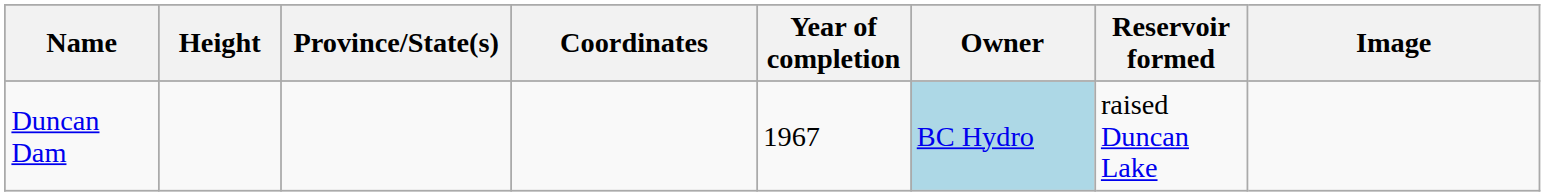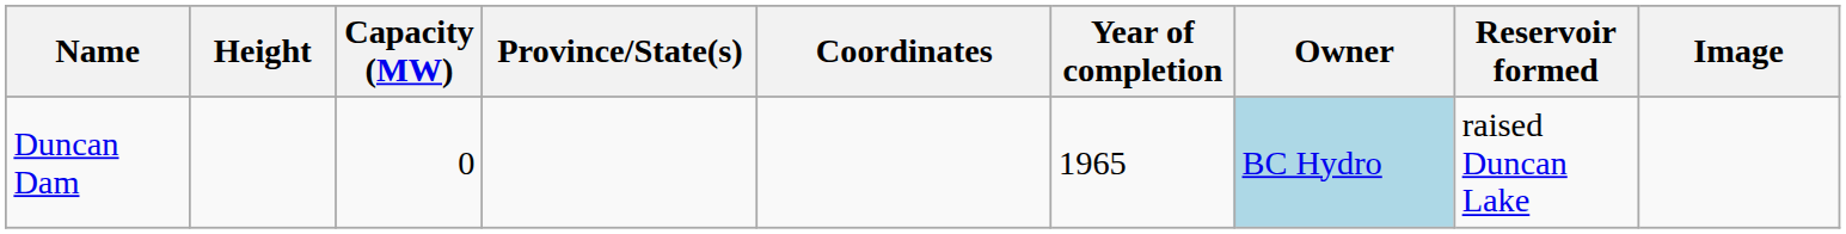 <table class="wikitable sortable" border="1">
 <tr>
 <th width="10%">Name</th>
 <th width="8%">Height</th>
+<th width="8%">Capacity (<a href='#'>MW</a>)</th>
 <th width="15%">Province/State(s)</th>
 <th width="16%">Coordinates</th>
 <th width="10%">Year of completion</th>
 <th width="12%">Owner</th>
 <th width="10%">Reservoir formed</th>
 <th>Image</th>
 </tr>
 <tr>
 <td><a href='#'>Duncan Dam</a></td>
 <td></td>
+<td align="right">0</td>
 <td></td>
 <td></td>
-<td>1967</td>
+<td>1965</td>
 <td style="background: lightblue;"><a href='#'>BC Hydro</a></td>
 <td>raised <a href='#'>Duncan Lake</a></td>
 <td></td>
 </tr>
 </table>
